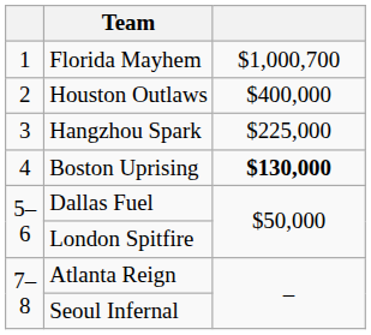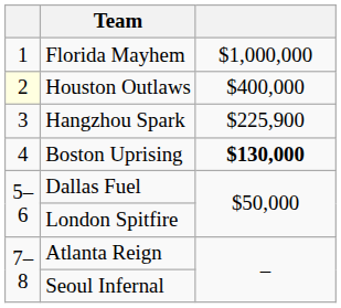 <table class="wikitable" style="text-align: center;">
 <tr>
 <th scope="col" style="width: 20px;"></th>
 <th>Team</th>
 <th scope="col" style="width: 100px;"></th>
 </tr>
 <tr>
 <td>1</td>
 <td style="text-align:left">Florida Mayhem</td>
-<td>$1,000,700</td>
+<td>$1,000,000</td>
 </tr>
 <tr>
-<td>2</td>
+<td style="background: lightyellow;">2</td>
 <td style="text-align:left">Houston Outlaws</td>
 <td>$400,000</td>
 </tr>
 <tr>
 <td>3</td>
 <td style="text-align:left">Hangzhou Spark</td>
-<td>$225,000</td>
+<td>$225,900</td>
 </tr>
 <tr>
 <td>4</td>
 <td style="text-align:left">Boston Uprising</td>
 <td><strong>$130,000</strong></td>
 </tr>
 <tr>
 <td rowspan="2">5–6</td>
 <td style="text-align:left">Dallas Fuel</td>
 <td rowspan="2">$50,000</td>
 </tr>
 <tr>
 <td style="text-align:left">London Spitfire</td>
 </tr>
 <tr>
 <td rowspan="2">7–8</td>
 <td style="text-align:left">Atlanta Reign</td>
 <td rowspan="2">–</td>
 </tr>
 <tr>
 <td style="text-align:left">Seoul Infernal</td>
 </tr>
 </table>
